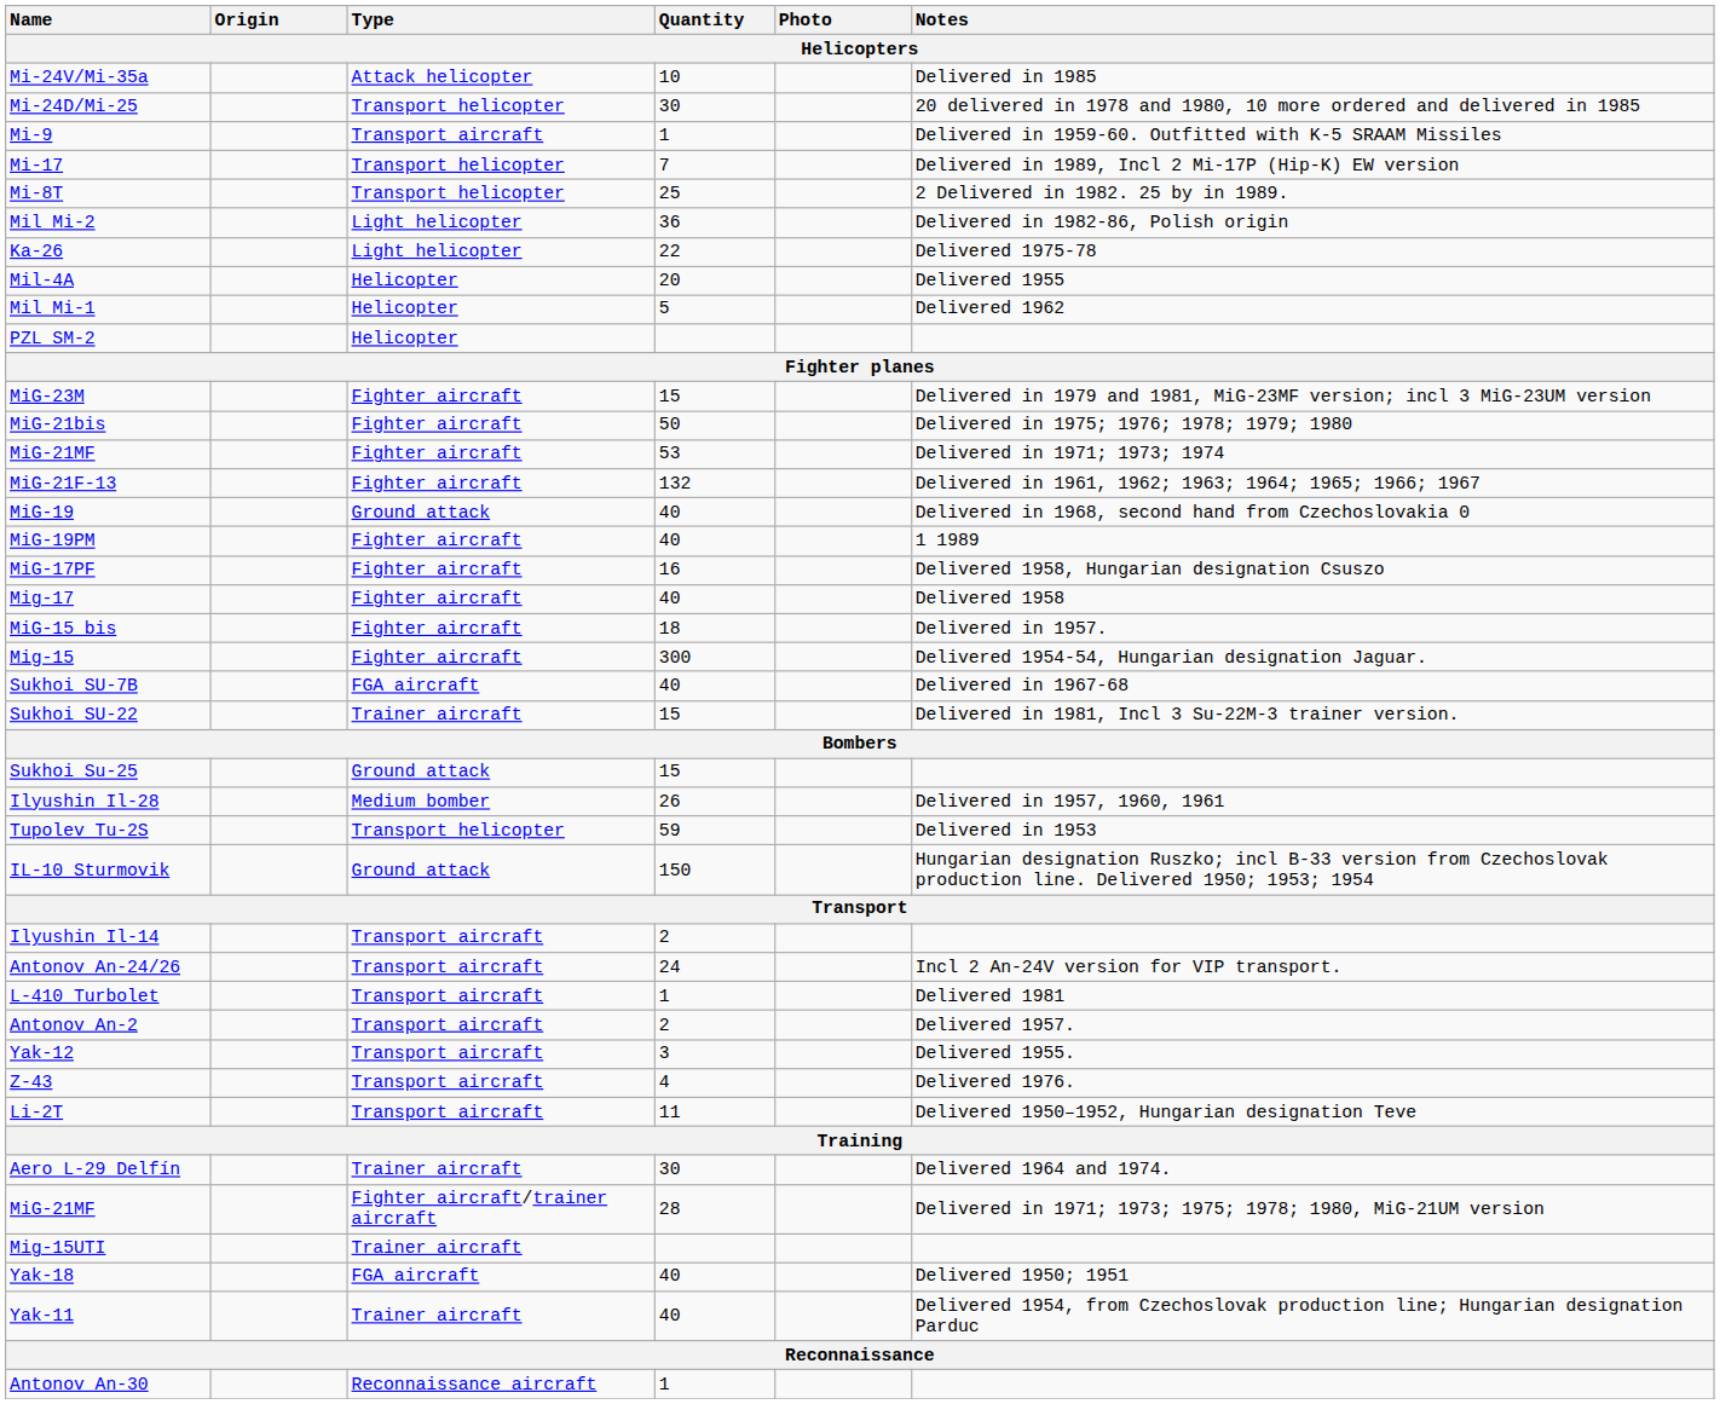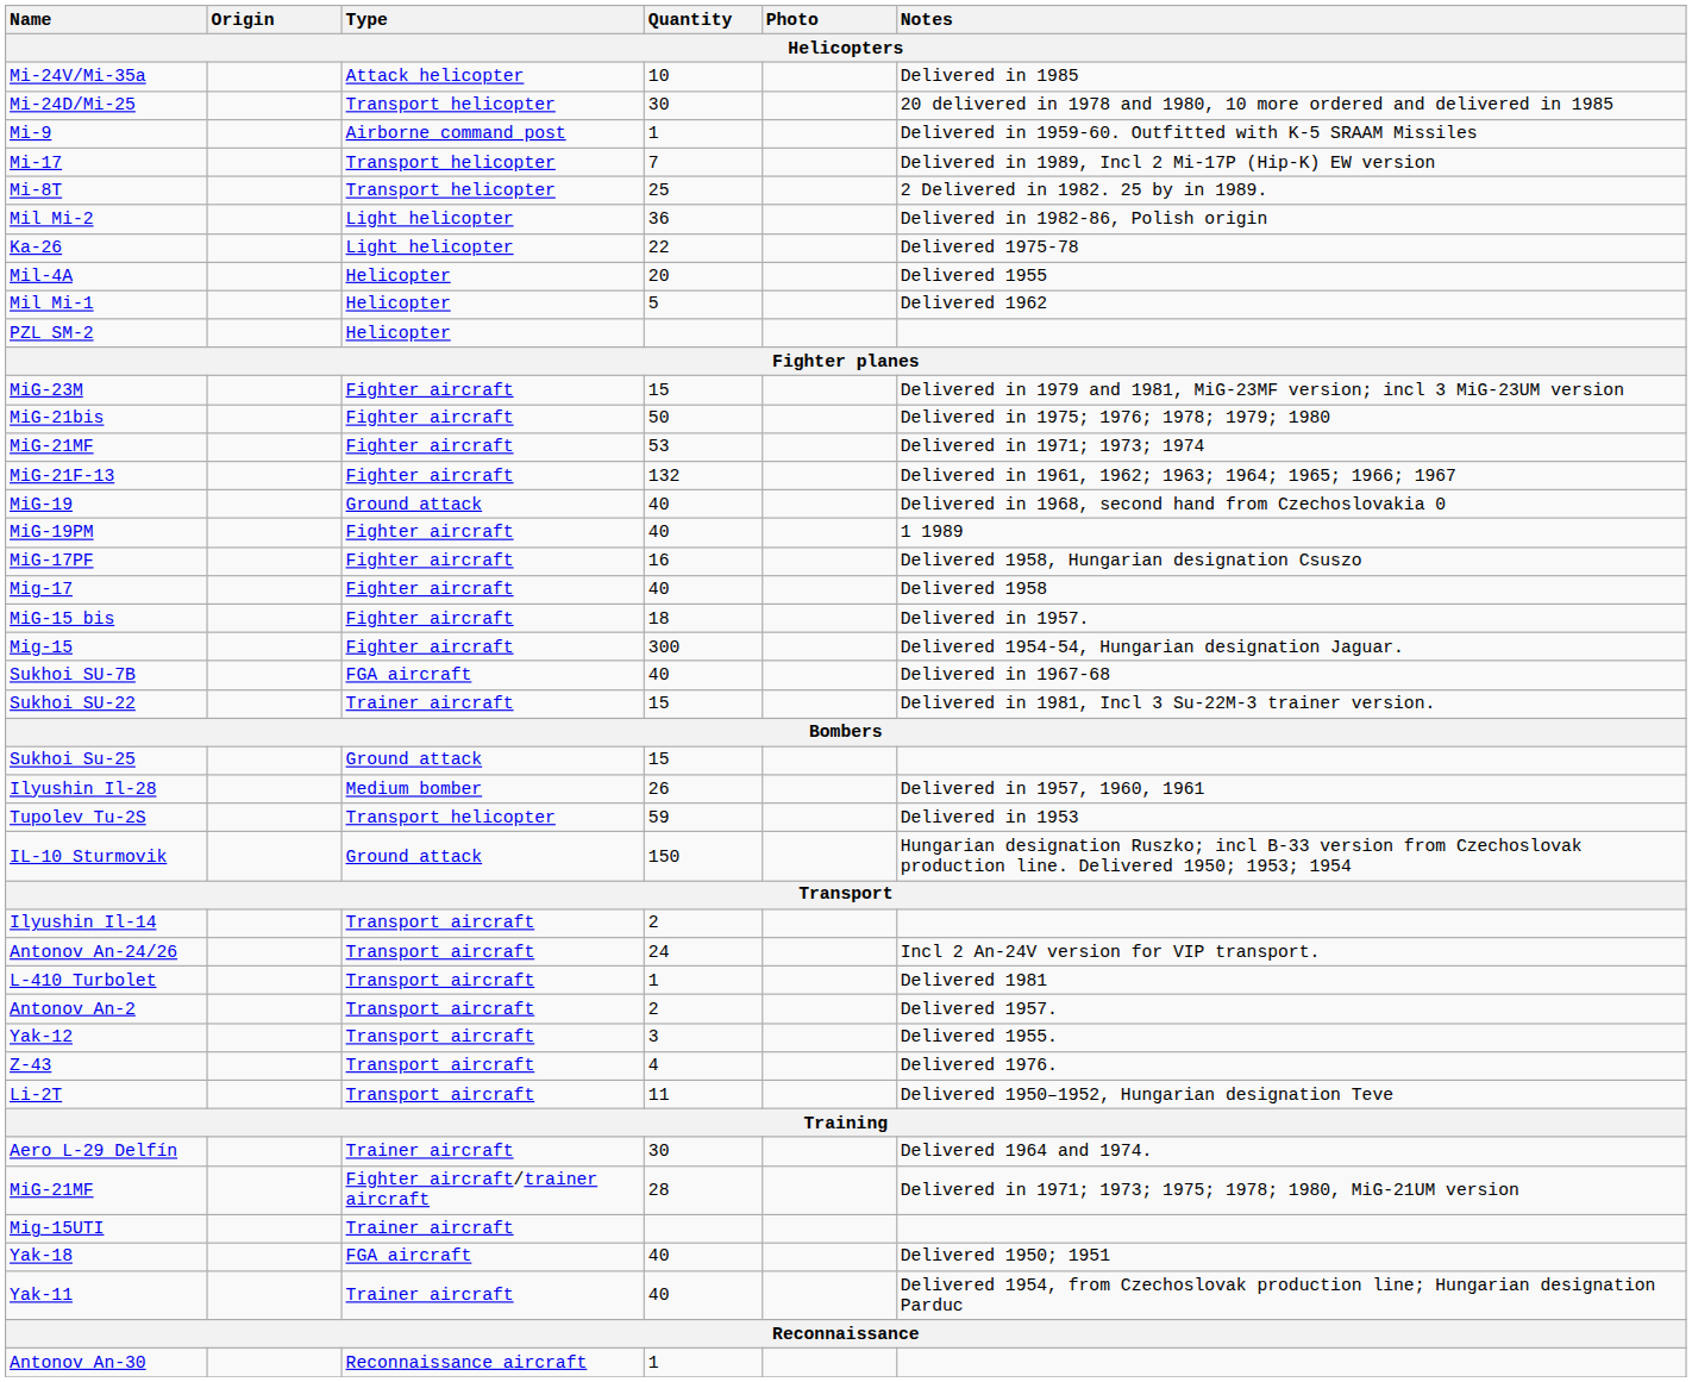 <table class="wikitable">
 <tr>
 <th style="text-align: left; width:12%;">Name</th>
 <th style="text-align: left; width:8%;">Origin</th>
 <th style="text-align: left; width:18%;">Type</th>
 <th style="text-align: left; width:7%;">Quantity</th>
 <th style="text-align: left;width:8%;">Photo</th>
 <th style="text-align: left;width:47%;">Notes</th>
 </tr>
 <tr>
 <th style="align: center;" colspan="7">Helicopters</th>
 </tr>
 <tr>
 <td><a href='#'>Mi-24V/Mi-35a</a></td>
 <td></td>
 <td><a href='#'>Attack helicopter</a></td>
 <td>10</td>
 <td></td>
 <td>Delivered in 1985</td>
 </tr>
 <tr>
 <td><a href='#'>Mi-24D/Mi-25</a></td>
 <td></td>
 <td><a href='#'>Transport helicopter</a></td>
 <td>30</td>
 <td></td>
 <td>20 delivered in 1978 and 1980, 10 more ordered and delivered in 1985</td>
 </tr>
 <tr>
 <td><a href='#'>Mi-9</a></td>
 <td></td>
-<td><a href='#'>Transport aircraft</a></td>
+<td><a href='#'>Airborne command post</a></td>
 <td>1</td>
 <td></td>
 <td>Delivered in 1959-60. Outfitted with K-5 SRAAM Missiles </td>
 </tr>
 <tr>
 <td><a href='#'>Mi-17</a></td>
 <td></td>
 <td><a href='#'>Transport helicopter</a></td>
 <td>7</td>
 <td></td>
 <td>Delivered in 1989, Incl 2 Mi-17P (Hip-K) EW version</td>
 </tr>
 <tr>
 <td><a href='#'>Mi-8T</a></td>
 <td></td>
 <td><a href='#'>Transport helicopter</a></td>
 <td>25</td>
 <td></td>
 <td>2 Delivered in 1982. 25 by in 1989.<br></td>
 </tr>
 <tr>
 <td><a href='#'>Mil Mi-2</a></td>
 <td></td>
 <td><a href='#'>Light helicopter</a></td>
 <td>36</td>
 <td></td>
 <td>Delivered in 1982-86, Polish origin</td>
 </tr>
 <tr>
 <td><a href='#'>Ka-26</a></td>
 <td></td>
 <td><a href='#'>Light helicopter</a></td>
 <td>22</td>
 <td></td>
 <td>Delivered 1975-78 </td>
 </tr>
 <tr>
 <td><a href='#'>Mil-4A</a></td>
 <td></td>
 <td><a href='#'>Helicopter</a></td>
 <td>20</td>
 <td></td>
 <td>Delivered 1955 </td>
 </tr>
 <tr>
 <td><a href='#'>Mil Mi-1</a></td>
 <td></td>
 <td><a href='#'>Helicopter</a></td>
 <td>5</td>
 <td></td>
 <td>Delivered 1962 </td>
 </tr>
 <tr>
 <td><a href='#'>PZL SM-2</a></td>
 <td></td>
 <td><a href='#'>Helicopter</a></td>
 <td></td>
 <td></td>
 <td></td>
 </tr>
 <tr>
 <th style="align: center;" colspan="7">Fighter planes</th>
 </tr>
 <tr>
 <td><a href='#'>MiG-23M</a></td>
 <td></td>
 <td><a href='#'>Fighter aircraft</a></td>
 <td>15</td>
 <td></td>
 <td>Delivered in 1979 and 1981,  MiG-23MF version; incl 3 MiG-23UM version</td>
 </tr>
 <tr>
 <td><a href='#'>MiG-21bis</a></td>
 <td></td>
 <td><a href='#'>Fighter aircraft</a></td>
 <td>50</td>
 <td></td>
 <td>Delivered in 1975; 1976; 1978; 1979; 1980</td>
 </tr>
 <tr>
 <td><a href='#'>MiG-21MF</a></td>
 <td></td>
 <td><a href='#'>Fighter aircraft</a></td>
 <td>53</td>
 <td></td>
 <td>Delivered in 1971; 1973; 1974</td>
 </tr>
 <tr>
 <td><a href='#'>MiG-21F-13</a></td>
 <td></td>
 <td><a href='#'>Fighter aircraft</a></td>
 <td>132</td>
 <td></td>
 <td>Delivered in 1961, 1962; 1963; 1964; 1965; 1966; 1967</td>
 </tr>
 <tr>
 <td><a href='#'>MiG-19</a></td>
 <td></td>
 <td><a href='#'>Ground attack</a></td>
 <td>40</td>
 <td></td>
 <td>Delivered in 1968, second hand from Czechoslovakia 0</td>
 </tr>
 <tr>
 <td><a href='#'>MiG-19PM</a></td>
 <td></td>
 <td><a href='#'>Fighter aircraft</a></td>
 <td>40</td>
 <td></td>
 <td>1 1989</td>
 </tr>
 <tr>
 <td><a href='#'>MiG-17PF</a></td>
 <td></td>
 <td><a href='#'>Fighter aircraft</a></td>
 <td>16</td>
 <td></td>
 <td>Delivered 1958, Hungarian designation Csuszo </td>
 </tr>
 <tr>
 <td><a href='#'>Mig-17</a></td>
 <td></td>
 <td><a href='#'>Fighter aircraft</a></td>
 <td>40</td>
 <td></td>
 <td>Delivered 1958</td>
 </tr>
 <tr>
 <td><a href='#'>MiG-15 bis</a></td>
 <td></td>
 <td><a href='#'>Fighter aircraft</a></td>
 <td>18</td>
 <td></td>
 <td>Delivered in 1957.</td>
 </tr>
 <tr>
 <td><a href='#'>Mig-15</a></td>
 <td></td>
 <td><a href='#'>Fighter aircraft</a></td>
 <td>300</td>
 <td></td>
 <td>Delivered 1954-54, Hungarian designation Jaguar.</td>
 </tr>
 <tr>
 <td><a href='#'>Sukhoi SU-7B</a></td>
 <td></td>
 <td><a href='#'>FGA aircraft</a></td>
 <td>40</td>
 <td></td>
 <td>Delivered in 1967-68 </td>
 </tr>
 <tr>
 <td><a href='#'>Sukhoi SU-22</a></td>
 <td></td>
 <td><a href='#'>Trainer aircraft</a></td>
 <td>15</td>
 <td></td>
 <td>Delivered in 1981, Incl 3 Su-22M-3 trainer version.</td>
 </tr>
 <tr>
 <th style="align: center;" colspan="7">Bombers</th>
 </tr>
 <tr>
 <td><a href='#'>Sukhoi Su-25</a></td>
 <td></td>
 <td><a href='#'>Ground attack</a></td>
 <td>15</td>
 <td></td>
 <td></td>
 </tr>
 <tr>
 <td><a href='#'>Ilyushin Il-28</a></td>
 <td></td>
 <td><a href='#'>Medium bomber</a></td>
 <td>26</td>
 <td></td>
 <td>Delivered in 1957, 1960, 1961</td>
 </tr>
 <tr>
 <td><a href='#'>Tupolev Tu-2S</a></td>
 <td></td>
 <td><a href='#'>Transport helicopter</a></td>
 <td>59</td>
 <td></td>
 <td>Delivered in 1953</td>
 </tr>
 <tr>
 <td><a href='#'>IL-10 Sturmovik</a></td>
 <td></td>
 <td><a href='#'>Ground attack</a></td>
 <td>150</td>
 <td></td>
 <td>Hungarian designation Ruszko; incl B-33 version from Czechoslovak production line. Delivered 1950; 1953; 1954</td>
 </tr>
 <tr>
 <th style="align: center;" colspan="7">Transport</th>
 </tr>
 <tr>
 <td><a href='#'>Ilyushin Il-14</a></td>
 <td></td>
 <td><a href='#'>Transport aircraft</a></td>
 <td>2</td>
 <td></td>
 <td></td>
 </tr>
 <tr>
 <td><a href='#'>Antonov An-24/26</a></td>
 <td></td>
 <td><a href='#'>Transport aircraft</a></td>
 <td>24</td>
 <td></td>
 <td>Incl 2 An-24V version for VIP transport.</td>
 </tr>
 <tr>
 <td><a href='#'>L-410 Turbolet</a></td>
 <td></td>
 <td><a href='#'>Transport aircraft</a></td>
 <td>1</td>
 <td></td>
 <td>Delivered 1981</td>
 </tr>
 <tr>
 <td><a href='#'>Antonov An-2</a></td>
 <td></td>
 <td><a href='#'>Transport aircraft</a></td>
 <td>2</td>
 <td></td>
 <td>Delivered 1957.</td>
 </tr>
 <tr>
 <td><a href='#'>Yak-12</a></td>
 <td></td>
 <td><a href='#'>Transport aircraft</a></td>
 <td>3</td>
 <td></td>
 <td>Delivered 1955.</td>
 </tr>
 <tr>
 <td><a href='#'>Z-43</a></td>
 <td></td>
 <td><a href='#'>Transport aircraft</a></td>
 <td>4</td>
 <td></td>
 <td>Delivered 1976.</td>
 </tr>
 <tr>
 <td><a href='#'>Li-2T</a></td>
 <td></td>
 <td><a href='#'>Transport aircraft</a></td>
 <td>11</td>
 <td></td>
 <td>Delivered 1950–1952, Hungarian designation Teve</td>
 </tr>
 <tr>
 <th style="align: center;" colspan="7">Training</th>
 </tr>
 <tr>
 <td><a href='#'>Aero L-29 Delfín</a></td>
 <td></td>
 <td><a href='#'>Trainer aircraft</a></td>
 <td>30</td>
 <td></td>
 <td>Delivered 1964 and 1974.</td>
 </tr>
 <tr>
 <td><a href='#'>MiG-21MF</a></td>
 <td></td>
 <td><a href='#'>Fighter aircraft</a>/<a href='#'>trainer aircraft</a></td>
 <td>28</td>
 <td></td>
 <td>Delivered in 1971; 1973; 1975; 1978; 1980, MiG-21UM version</td>
 </tr>
 <tr>
 <td><a href='#'>Mig-15UTI</a></td>
 <td></td>
 <td><a href='#'>Trainer aircraft</a></td>
 <td></td>
 <td></td>
 <td></td>
 </tr>
 <tr>
 <td><a href='#'>Yak-18</a></td>
 <td></td>
 <td><a href='#'>FGA aircraft</a></td>
 <td>40</td>
 <td></td>
 <td>Delivered 1950; 1951</td>
 </tr>
 <tr>
 <td><a href='#'>Yak-11</a></td>
 <td></td>
 <td><a href='#'>Trainer aircraft</a></td>
 <td>40</td>
 <td></td>
 <td>Delivered 1954, from Czechoslovak production line; Hungarian designation Parduc</td>
 </tr>
 <tr>
 <th style="align: center;" colspan="7">Reconnaissance</th>
 </tr>
 <tr>
 <td><a href='#'>Antonov An-30</a></td>
 <td></td>
 <td><a href='#'>Reconnaissance aircraft</a></td>
 <td>1</td>
 <td></td>
 <td></td>
 </tr>
 <tr>
 </tr>
 </table>
